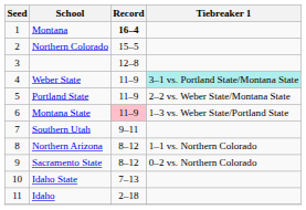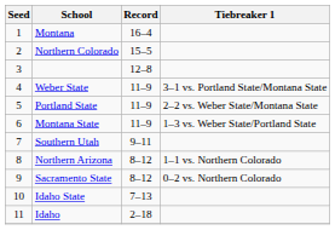 <table class="wikitable" style="white-space:nowrap; font-size:95%;text-align:center">
 <tr>
 <th>Seed</th>
 <th>School</th>
 <th>Record</th>
 <th>Tiebreaker 1</th>
 </tr>
 <tr>
 <td>1</td>
 <td align=left><a href='#'>Montana</a></td>
-<td><strong>16–4</strong></td>
+<td>16–4</td>
 <td></td>
 </tr>
 <tr>
 <td>2</td>
 <td align=left><a href='#'>Northern Colorado</a></td>
 <td>15–5</td>
 <td></td>
 </tr>
 <tr>
 <td>3</td>
 <td align=left></td>
 <td>12–8</td>
 <td></td>
 </tr>
 <tr>
 <td>4</td>
 <td align=left><a href='#'>Weber State</a></td>
 <td>11–9</td>
-<td align=left style="background: paleturquoise;">3–1 vs. Portland State/Montana State</td>
+<td align=left>3–1 vs. Portland State/Montana State</td>
 </tr>
 <tr>
 <td>5</td>
 <td align=left><a href='#'>Portland State</a></td>
 <td>11–9</td>
 <td align=left>2–2 vs. Weber State/Montana State</td>
 </tr>
 <tr>
 <td>6</td>
 <td align=left><a href='#'>Montana State</a></td>
-<td style="background: pink;">11–9</td>
+<td>11–9</td>
 <td align=left>1–3 vs. Weber State/Portland State</td>
 </tr>
 <tr>
 <td>7</td>
 <td align=left><a href='#'>Southern Utah</a></td>
 <td>9–11</td>
 <td align=left></td>
 </tr>
 <tr>
 <td>8</td>
 <td align=left><a href='#'>Northern Arizona</a></td>
 <td>8–12</td>
 <td align=left>1–1 vs. Northern Colorado</td>
 </tr>
 <tr>
 <td>9</td>
 <td align=left><a href='#'>Sacramento State</a></td>
 <td>8–12</td>
 <td align=left>0–2 vs. Northern Colorado</td>
 </tr>
 <tr>
 <td>10</td>
 <td align=left><a href='#'>Idaho State</a></td>
 <td>7–13</td>
 <td></td>
 </tr>
 <tr>
 <td>11</td>
 <td align=left><a href='#'>Idaho</a></td>
 <td>2–18</td>
 <td></td>
 </tr>
 <tr>
 </tr>
 </table>
